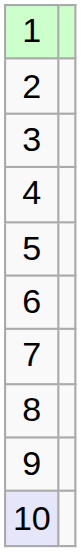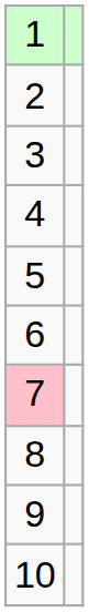 <table class="wikitable">
 <tr>
 <td bgcolor="#ccffcc" align=center width=15>1</td>
 <td bgcolor="#ccffcc"></td>
 </tr>
 <tr>
 <td align=center>2</td>
 <td></td>
 </tr>
 <tr>
 <td align=center>3</td>
 <td></td>
 </tr>
 <tr>
 <td align=center>4</td>
 <td></td>
 </tr>
 <tr>
 <td align=center>5</td>
 <td></td>
 </tr>
 <tr>
 <td align=center>6</td>
 <td></td>
 </tr>
 <tr>
-<td align=center>7</td>
+<td align=center style="background: pink;">7</td>
 <td></td>
 </tr>
 <tr>
 <td align=center>8</td>
 <td></td>
 </tr>
 <tr>
 <td align=center>9</td>
 <td></td>
 </tr>
 <tr>
-<td align=center style="background: lavender;">10</td>
+<td align=center>10</td>
 <td></td>
 </tr>
 </table>
